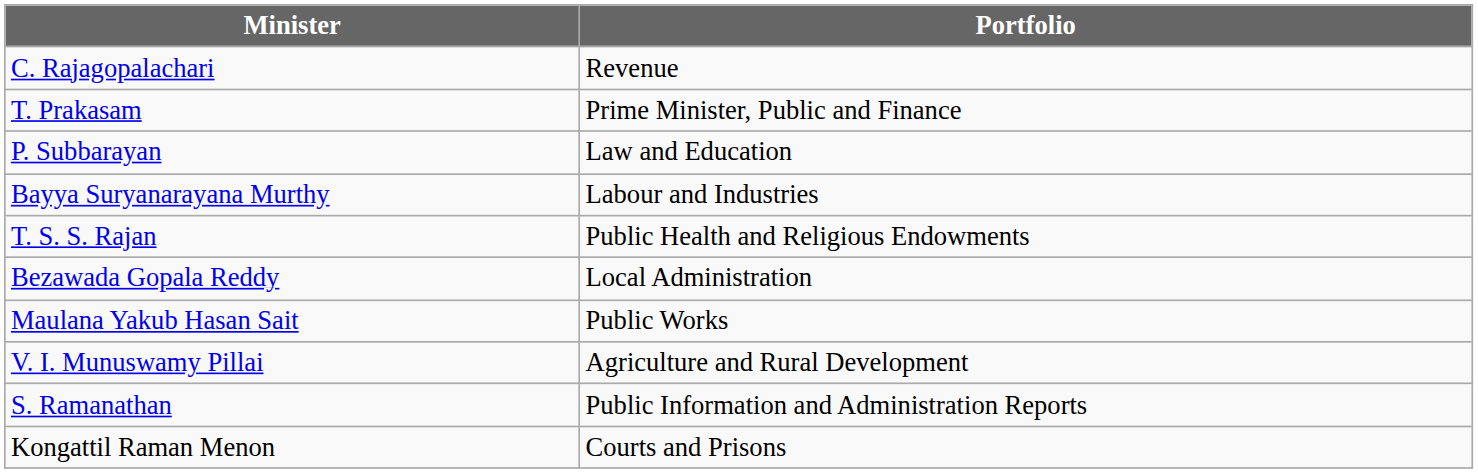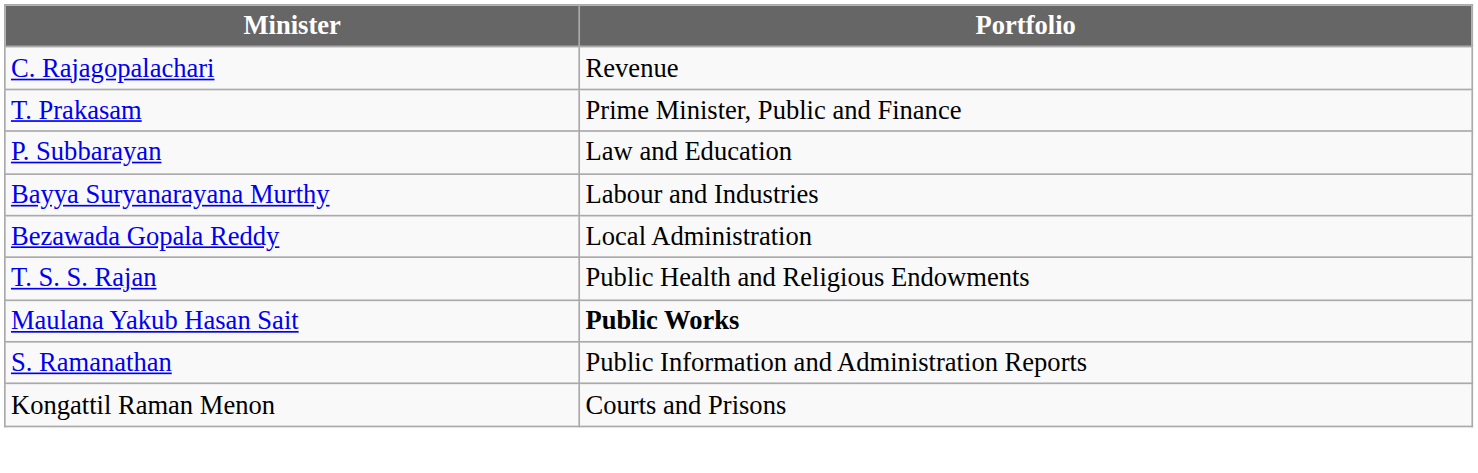 <table class="wikitable" width="70%" style="font-size: x-big; font-family: verdana">
 <tr>
 <th style="background-color:#666666; color:white">Minister</th>
 <th style="background-color:#666666; color:white">Portfolio</th>
 </tr>
 <tr>
 <td><a href='#'>C. Rajagopalachari</a></td>
 <td>Revenue</td>
 </tr>
 <tr>
 <td><a href='#'>T. Prakasam</a></td>
 <td>Prime Minister, Public and Finance</td>
 </tr>
 <tr>
 <td><a href='#'>P. Subbarayan</a></td>
 <td>Law and Education</td>
 </tr>
 <tr>
 <td><a href='#'>Bayya Suryanarayana Murthy</a></td>
 <td>Labour and Industries</td>
 </tr>
 <tr>
+<td><a href='#'>Bezawada Gopala Reddy</a></td>
+<td>Local Administration</td>
+</tr>
+<tr>
 <td><a href='#'>T. S. S. Rajan</a></td>
 <td>Public Health and Religious Endowments</td>
 </tr>
 <tr>
-<td><a href='#'>Bezawada Gopala Reddy</a></td>
-<td>Local Administration</td>
-</tr>
-<tr>
 <td><a href='#'>Maulana Yakub Hasan Sait</a></td>
-<td>Public Works</td>
-</tr>
-<tr>
-<td><a href='#'>V. I. Munuswamy Pillai</a></td>
-<td>Agriculture and Rural Development</td>
+<td><strong>Public Works</strong></td>
 </tr>
 <tr>
 <td><a href='#'>S. Ramanathan</a></td>
 <td>Public Information and Administration Reports</td>
 </tr>
 <tr>
 <td>Kongattil Raman Menon</td>
 <td>Courts and Prisons</td>
 </tr>
 </table>
